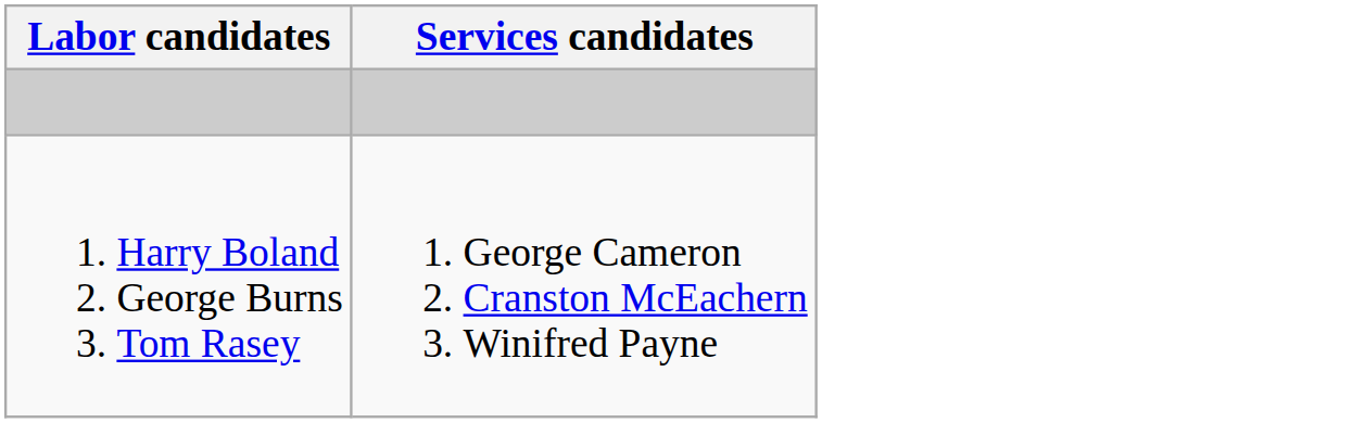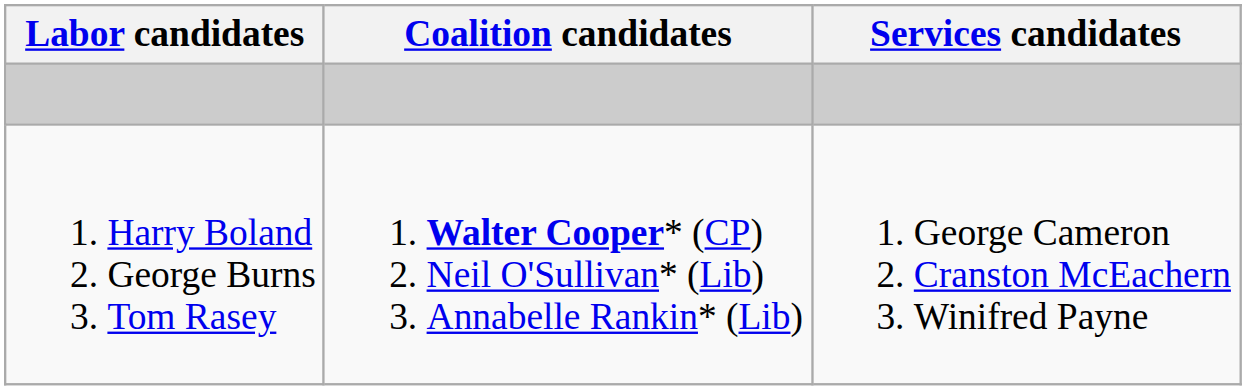 <table class="wikitable">
 <tr>
 <th><a href='#'>Labor</a> candidates</th>
+<th><a href='#'>Coalition</a> candidates</th>
 <th><a href='#'>Services</a> candidates</th>
 </tr>
 <tr bgcolor="#cccccc">
+<td></td>
 <td></td>
 <td> </td>
 </tr>
 <tr>
 <td valign=top><br><ol><li><a href='#'>Harry Boland</a></li><li>George Burns</li><li><a href='#'>Tom Rasey</a></li></ol></td>
+<td><br><ol><li><strong><a href='#'>Walter Cooper</a></strong>* (<a href='#'>CP</a>)</li><li><a href='#'>Neil O'Sullivan</a>* (<a href='#'>Lib</a>)</li><li><a href='#'>Annabelle Rankin</a>* (<a href='#'>Lib</a>)</li></ol></td>
 <td valign=top><br><ol><li>George Cameron</li><li><a href='#'>Cranston McEachern</a></li><li>Winifred Payne</li></ol></td>
 </tr>
 </table>
